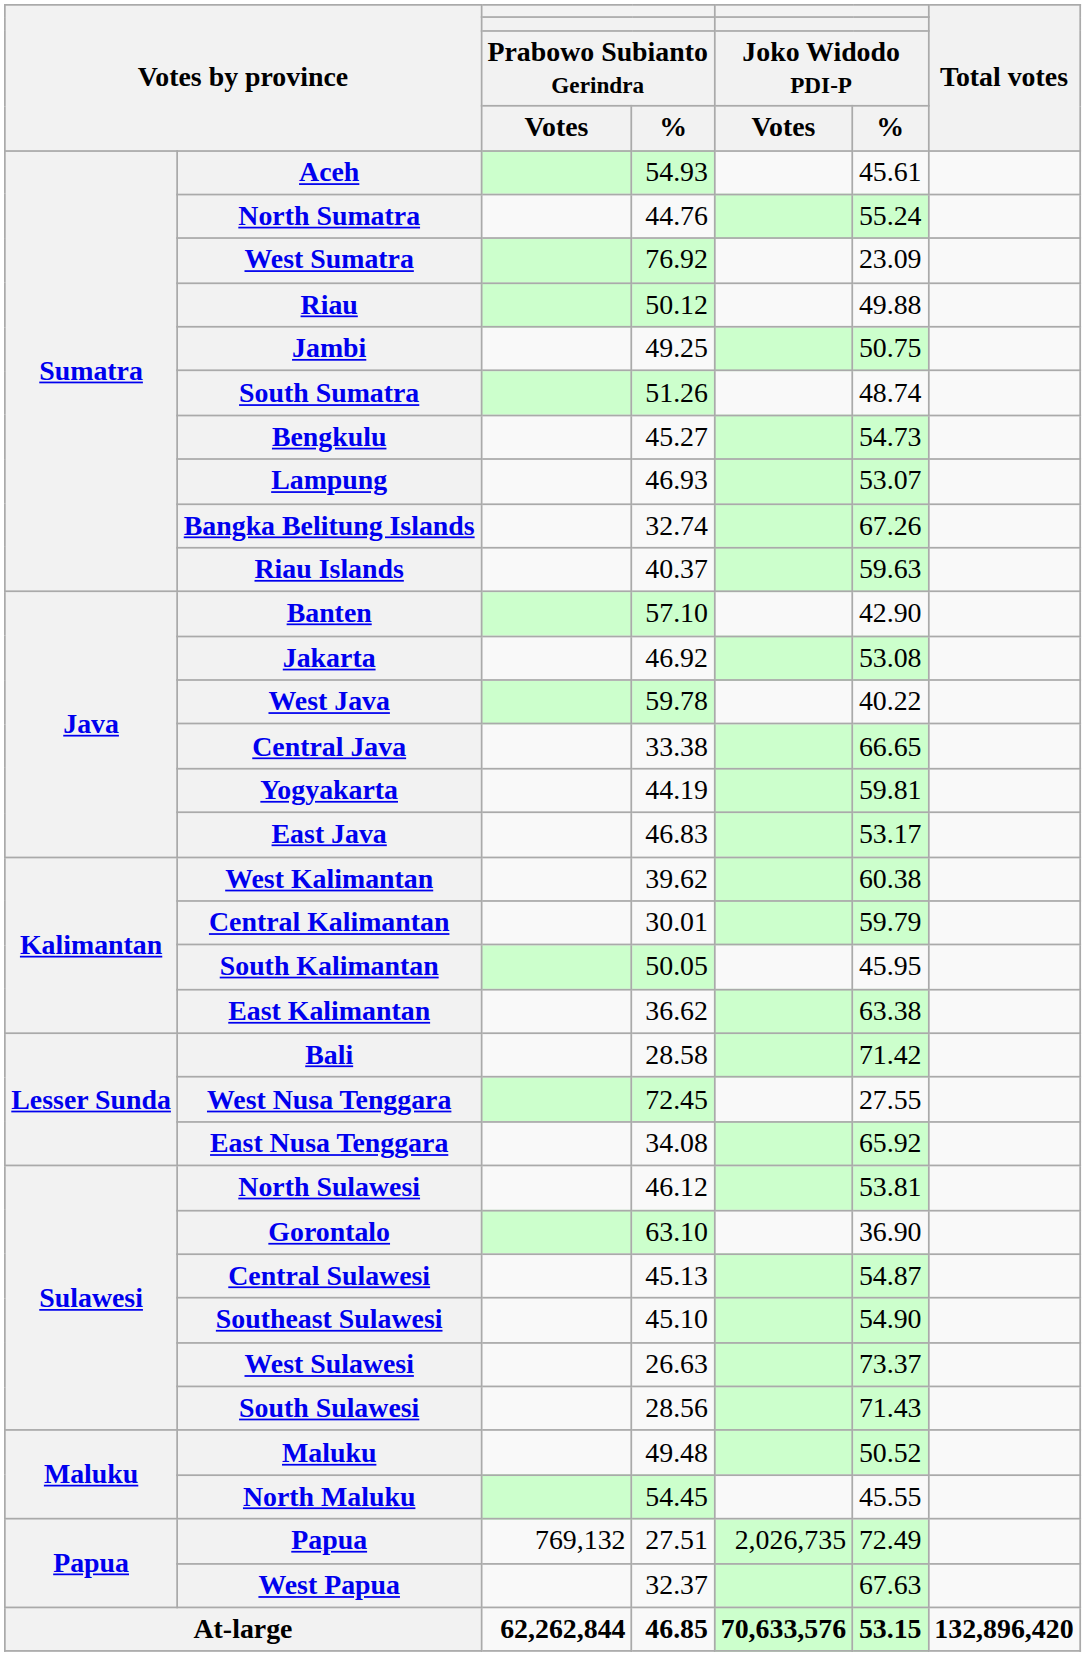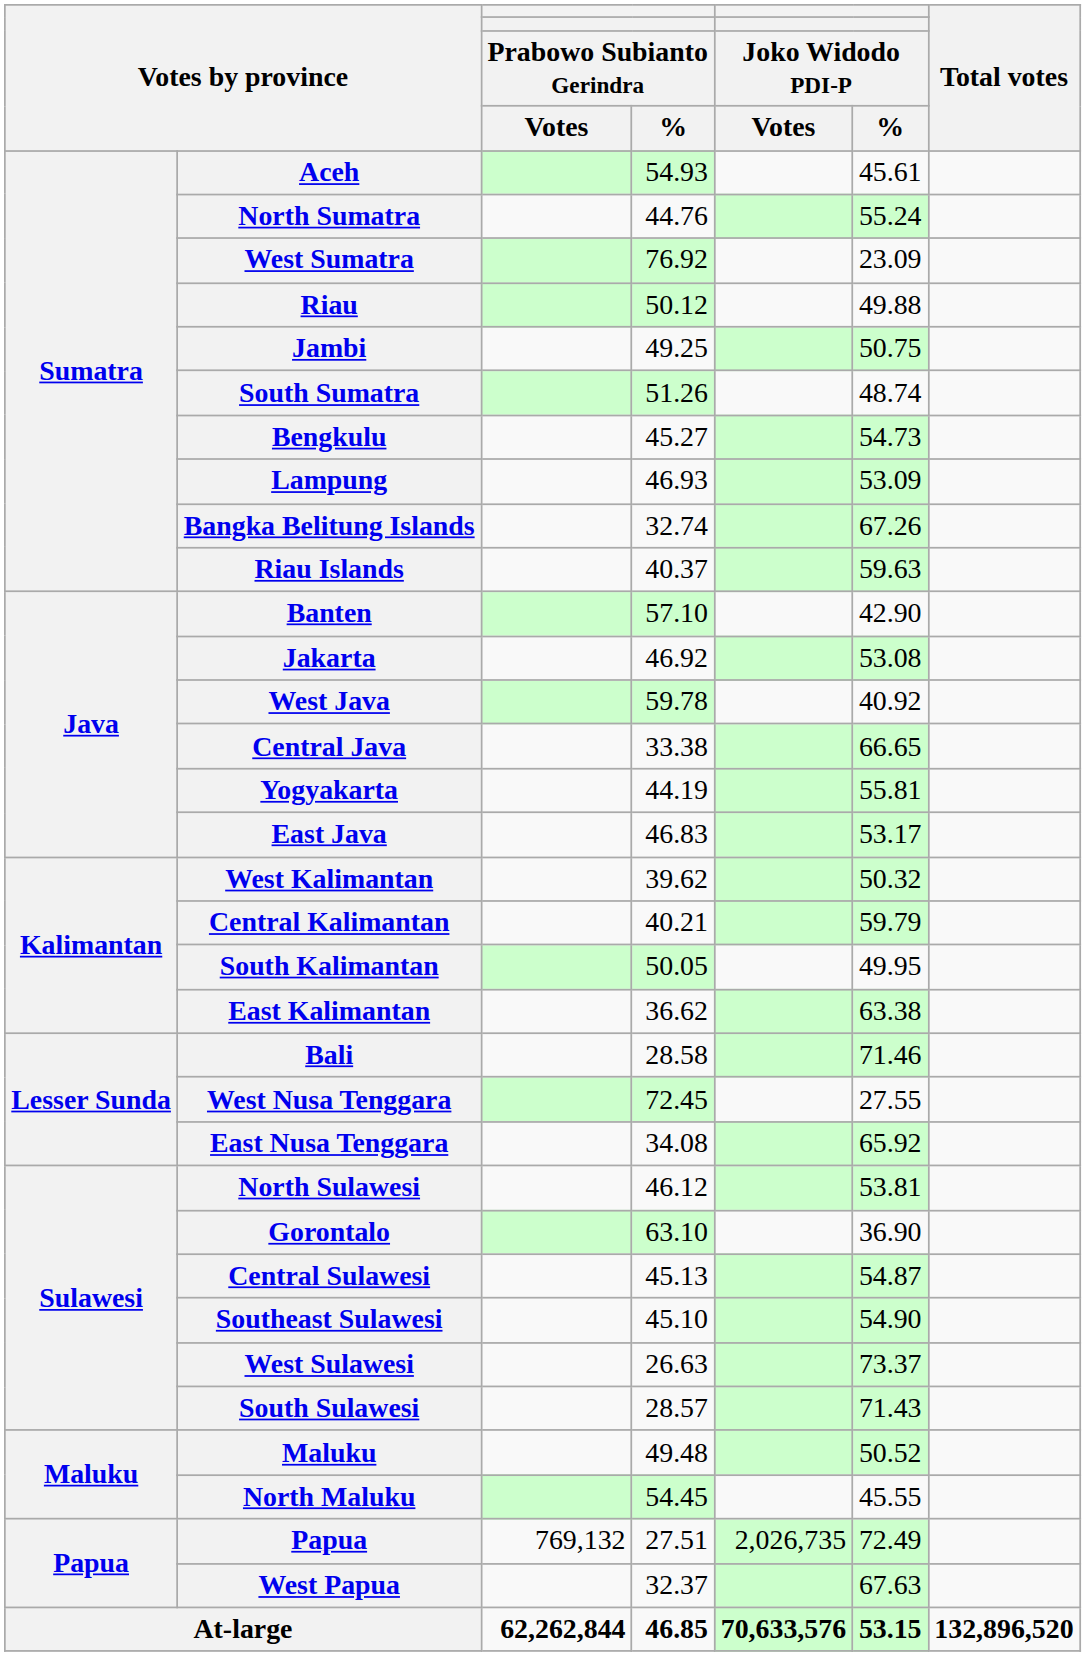 <table class="wikitable sortable">
 <tr>
 <th colspan="2" rowspan="4">Votes by province</th>
 <th colspan="2"></th>
 <th colspan="2"></th>
 <th rowspan="4">Total votes</th>
 </tr>
 <tr>
 <th colspan="2" style="background:"></th>
 <th colspan="2" style="background:"></th>
 </tr>
 <tr>
 <th colspan="2">Prabowo Subianto<br><small>Gerindra</small></th>
 <th colspan="2">Joko Widodo<br><small>PDI-P</small></th>
 </tr>
 <tr>
 <th>Votes</th>
 <th>%</th>
 <th>Votes</th>
 <th>%</th>
 </tr>
 <tr align="right">
 <th rowspan="10"><a href='#'>Sumatra</a></th>
 <th><a href='#'>Aceh</a></th>
 <td style="background:#cfc;"></td>
 <td style="background:#cfc;">54.93</td>
 <td></td>
 <td>45.61</td>
 <td></td>
 </tr>
 <tr align="right">
 <th><a href='#'>North Sumatra</a></th>
 <td></td>
 <td>44.76</td>
 <td style="background:#cfc;"></td>
 <td style="background:#cfc;">55.24</td>
 <td></td>
 </tr>
 <tr align="right">
 <th><a href='#'>West Sumatra</a></th>
 <td style="background:#cfc;"></td>
 <td style="background:#cfc;">76.92</td>
 <td></td>
 <td>23.09</td>
 <td></td>
 </tr>
 <tr align="right">
 <th><a href='#'>Riau</a></th>
 <td style="background:#cfc;"></td>
 <td style="background:#cfc;">50.12</td>
 <td></td>
 <td>49.88</td>
 <td></td>
 </tr>
 <tr align="right">
 <th><a href='#'>Jambi</a></th>
 <td></td>
 <td>49.25</td>
 <td style="background:#cfc;"></td>
 <td style="background:#cfc;">50.75</td>
 <td></td>
 </tr>
 <tr align="right">
 <th><a href='#'>South Sumatra</a></th>
 <td style="background:#cfc;"></td>
 <td style="background:#cfc;">51.26</td>
 <td></td>
 <td>48.74</td>
 <td></td>
 </tr>
 <tr align="right">
 <th><a href='#'>Bengkulu</a></th>
 <td></td>
 <td>45.27</td>
 <td style="background:#cfc;"></td>
 <td style="background:#cfc;">54.73</td>
 <td></td>
 </tr>
 <tr align="right">
 <th><a href='#'>Lampung</a></th>
 <td></td>
 <td>46.93</td>
 <td style="background:#cfc;"></td>
-<td style="background:#cfc;">53.07</td>
+<td style="background:#cfc;">53.09</td>
 <td></td>
 </tr>
 <tr align="right">
 <th><a href='#'>Bangka Belitung Islands</a></th>
 <td></td>
 <td>32.74</td>
 <td style="background:#cfc;"></td>
 <td style="background:#cfc;">67.26</td>
 <td></td>
 </tr>
 <tr align="right">
 <th><a href='#'>Riau Islands</a></th>
 <td></td>
 <td>40.37</td>
 <td style="background:#cfc;"></td>
 <td style="background:#cfc;">59.63</td>
 <td></td>
 </tr>
 <tr align="right">
 <th rowspan="6"><a href='#'>Java</a></th>
 <th><a href='#'>Banten</a></th>
 <td style="background:#cfc;"></td>
 <td style="background:#cfc;">57.10</td>
 <td></td>
 <td>42.90</td>
 <td></td>
 </tr>
 <tr align="right">
 <th><a href='#'>Jakarta</a></th>
 <td></td>
 <td>46.92</td>
 <td style="background:#cfc;"></td>
 <td style="background:#cfc;">53.08</td>
 <td></td>
 </tr>
 <tr align="right">
 <th><a href='#'>West Java</a></th>
 <td style="background:#cfc;"></td>
 <td style="background:#cfc;">59.78</td>
 <td></td>
-<td>40.22</td>
+<td>40.92</td>
 <td></td>
 </tr>
 <tr align="right">
 <th><a href='#'>Central Java</a></th>
 <td></td>
 <td>33.38</td>
 <td style="background:#cfc;"></td>
 <td style="background:#cfc;">66.65</td>
 <td></td>
 </tr>
 <tr align="right">
 <th><a href='#'>Yogyakarta</a></th>
 <td></td>
 <td>44.19</td>
 <td style="background:#cfc;"></td>
-<td style="background:#cfc;">59.81</td>
+<td style="background:#cfc;">55.81</td>
 <td></td>
 </tr>
 <tr align="right">
 <th><a href='#'>East Java</a></th>
 <td></td>
 <td>46.83</td>
 <td style="background:#cfc;"></td>
 <td style="background:#cfc;">53.17</td>
 <td></td>
 </tr>
 <tr align="right">
 <th rowspan="4"><a href='#'>Kalimantan</a></th>
 <th><a href='#'>West Kalimantan</a></th>
 <td></td>
 <td>39.62</td>
 <td style="background:#cfc;"></td>
-<td style="background:#cfc;">60.38</td>
+<td style="background:#cfc;">50.32</td>
 <td></td>
 </tr>
 <tr align="right">
 <th><a href='#'>Central Kalimantan</a></th>
 <td></td>
-<td>30.01</td>
+<td>40.21</td>
 <td style="background:#cfc;"></td>
 <td style="background:#cfc;">59.79</td>
 <td></td>
 </tr>
 <tr align="right">
 <th><a href='#'>South Kalimantan</a></th>
 <td style="background:#cfc;"></td>
 <td style="background:#cfc;">50.05</td>
 <td></td>
-<td>45.95</td>
+<td>49.95</td>
 <td></td>
 </tr>
 <tr align="right">
 <th><a href='#'>East Kalimantan</a></th>
 <td></td>
 <td>36.62</td>
 <td style="background:#cfc;"></td>
 <td style="background:#cfc;">63.38</td>
 <td></td>
 </tr>
 <tr align="right">
 <th rowspan="3"><a href='#'>Lesser Sunda</a></th>
 <th><a href='#'>Bali</a></th>
 <td></td>
 <td>28.58</td>
 <td style="background:#cfc;"></td>
-<td style="background:#cfc;">71.42</td>
+<td style="background:#cfc;">71.46</td>
 <td></td>
 </tr>
 <tr align="right">
 <th><a href='#'>West Nusa Tenggara</a></th>
 <td style="background:#cfc;"></td>
 <td style="background:#cfc;">72.45</td>
 <td></td>
 <td>27.55</td>
 <td></td>
 </tr>
 <tr align="right">
 <th><a href='#'>East Nusa Tenggara</a></th>
 <td></td>
 <td>34.08</td>
 <td style="background:#cfc;"></td>
 <td style="background:#cfc;">65.92</td>
 <td></td>
 </tr>
 <tr align="right">
 <th rowspan="6"><a href='#'>Sulawesi</a></th>
 <th><a href='#'>North Sulawesi</a></th>
 <td></td>
 <td>46.12</td>
 <td style="background:#cfc;"></td>
 <td style="background:#cfc;">53.81</td>
 <td></td>
 </tr>
 <tr align="right">
 <th><a href='#'>Gorontalo</a></th>
 <td style="background:#cfc;"></td>
 <td style="background:#cfc;">63.10</td>
 <td></td>
 <td>36.90</td>
 <td></td>
 </tr>
 <tr align="right">
 <th><a href='#'>Central Sulawesi</a></th>
 <td></td>
 <td>45.13</td>
 <td style="background:#cfc;"></td>
 <td style="background:#cfc;">54.87</td>
 <td></td>
 </tr>
 <tr align="right">
 <th><a href='#'>Southeast Sulawesi</a></th>
 <td></td>
 <td>45.10</td>
 <td style="background:#cfc;"></td>
 <td style="background:#cfc;">54.90</td>
 <td></td>
 </tr>
 <tr align="right">
 <th><a href='#'>West Sulawesi</a></th>
 <td></td>
 <td>26.63</td>
 <td style="background:#cfc;"></td>
 <td style="background:#cfc;">73.37</td>
 <td></td>
 </tr>
 <tr align="right">
 <th><a href='#'>South Sulawesi</a></th>
 <td></td>
-<td>28.56</td>
+<td>28.57</td>
 <td style="background:#cfc;"></td>
 <td style="background:#cfc;">71.43</td>
 <td></td>
 </tr>
 <tr align="right">
 <th rowspan="2"><a href='#'>Maluku</a></th>
 <th><a href='#'>Maluku</a></th>
 <td></td>
 <td>49.48</td>
 <td style="background:#cfc;"></td>
 <td style="background:#cfc;">50.52</td>
 <td></td>
 </tr>
 <tr align="right">
 <th><a href='#'>North Maluku</a></th>
 <td style="background:#cfc;"></td>
 <td style="background:#cfc;">54.45</td>
 <td></td>
 <td>45.55</td>
 <td></td>
 </tr>
 <tr align="right">
 <th rowspan="2"><a href='#'>Papua</a></th>
 <th><a href='#'>Papua</a></th>
 <td>769,132</td>
 <td>27.51</td>
 <td style="background:#cfc;">2,026,735</td>
 <td style="background:#cfc;">72.49</td>
 <td></td>
 </tr>
 <tr align="right">
 <th><a href='#'>West Papua</a></th>
 <td></td>
 <td>32.37</td>
 <td style="background:#cfc;"></td>
 <td style="background:#cfc;">67.63</td>
 <td></td>
 </tr>
 <tr align="right">
 <th colspan="2">At-large</th>
 <td><strong>62,262,844</strong></td>
 <td><strong>46.85</strong></td>
 <td style="background:#cfc;"><strong>70,633,576</strong></td>
 <td style="background:#cfc;"><strong>53.15</strong></td>
-<td><strong>132,896,420</strong></td>
+<td><strong>132,896,520</strong></td>
 </tr>
 </table>
